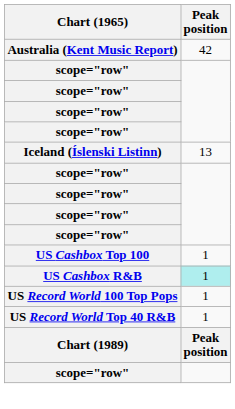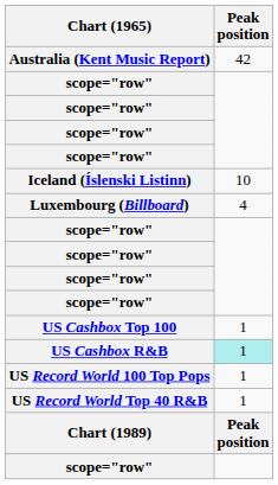 <table class="wikitable sortable plainrowheaders">
 <tr>
 <th scope="col">Chart (1965)</th>
 <th scope="col">Peak<br>position</th>
 </tr>
 <tr>
 <th scope="row">Australia (<a href='#'>Kent Music Report</a>)</th>
 <td align="center">42</td>
 </tr>
 <tr>
 <th>scope="row" </th>
 </tr>
 <tr>
 <th>scope="row" </th>
 </tr>
 <tr>
 <th>scope="row" </th>
 </tr>
 <tr>
 <th>scope="row" </th>
 </tr>
 <tr>
 <th scope="row">Iceland (<a href='#'>Íslenski Listinn</a>)</th>
-<td style="text-align:center;">13</td>
+<td style="text-align:center;">10</td>
+</tr>
+<tr>
+<th scope="row">Luxembourg (<em><a href='#'>Billboard</a></em>)</th>
+<td style="text-align:center;">4</td>
 </tr>
 <tr>
 <th>scope="row" </th>
 </tr>
 <tr>
 <th>scope="row" </th>
 </tr>
 <tr>
 <th>scope="row" </th>
 </tr>
 <tr>
 <th>scope="row" </th>
 </tr>
 <tr>
 <th scope="row"><a href='#'>US <em>Cashbox</em> Top 100</a></th>
 <td style="text-align:center;">1</td>
 </tr>
 <tr>
 <th scope="row"><a href='#'>US <em>Cashbox</em> R&B</a></th>
 <td style="background: paleturquoise; text-align:center;">1</td>
 </tr>
 <tr>
 <th scope="row">US <a href='#'><em>Record World</em> 100 Top Pops</a></th>
 <td style="text-align:center;">1</td>
 </tr>
 <tr>
 <th scope="row">US <a href='#'><em>Record World</em> Top 40 R&B</a></th>
 <td style="text-align:center;">1</td>
 </tr>
 <tr>
 <th scope="col">Chart (1989)</th>
 <th scope="col">Peak<br>position</th>
 </tr>
 <tr>
 <th>scope="row" </th>
 </tr>
 </table>
